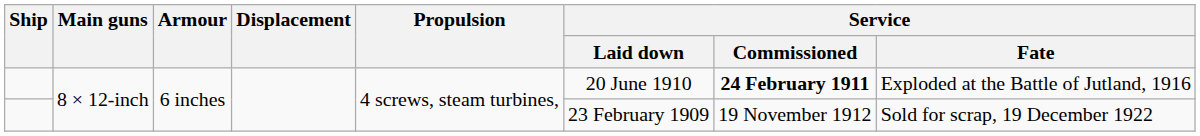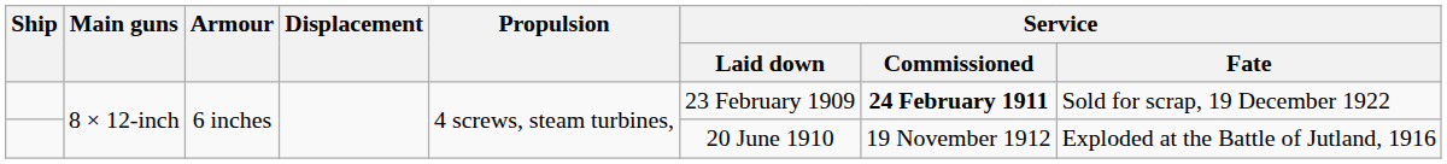 <table class="wikitable">
 <tr valign="top">
 <th align= center rowspan=2>Ship</th>
 <th align= center rowspan=2>Main guns</th>
 <th align= center rowspan=2>Armour</th>
 <th align= center rowspan=2>Displacement</th>
 <th align= center rowspan=2>Propulsion</th>
 <th align= center colspan=3>Service</th>
 </tr>
 <tr valign="top">
 <th align= center>Laid down</th>
 <th align= center>Commissioned</th>
 <th align= center>Fate</th>
 </tr>
 <tr valign="center">
 <td align= left></td>
 <td align= center rowspan=2>8 × 12-inch</td>
 <td align= center rowspan=2>6 inches</td>
 <td align= center rowspan=2></td>
 <td align= center rowspan=2>4 screws, steam turbines,<br></td>
-<td align= center>20 June 1910</td>
+<td align= center>23 February 1909</td>
 <td align= center><strong>24 February 1911</strong></td>
-<td align= left>Exploded at the Battle of Jutland, 1916</td>
+<td align= left>Sold for scrap, 19 December 1922</td>
 </tr>
 <tr valign="center">
 <td align= left></td>
-<td align= center>23 February 1909</td>
+<td align= center>20 June 1910</td>
 <td align= center>19 November 1912</td>
-<td align= left>Sold for scrap, 19 December 1922</td>
+<td align= left>Exploded at the Battle of Jutland, 1916</td>
 </tr>
 </table>
